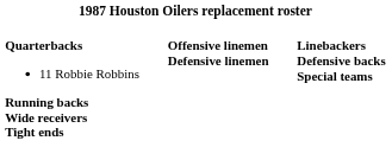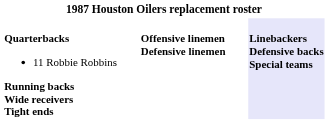 <table class="toccolours" style="text-align:left">
 <tr>
 <th colspan="7" style="text-align:center; "><strong>1987 Houston Oilers replacement roster</strong></th>
 </tr>
 <tr>
 <td style="font-size: 95%;" valign="top"><br><strong>Quarterbacks</strong> <ul><li>11  Robbie Robbins</li></ul> <strong>Running backs</strong>       <br><strong>Wide receivers</strong>         <br><strong>Tight ends</strong>   </td>
 <td style="width: 25px;"></td>
 <td style="font-size: 95%;" valign="top"><br><strong>Offensive linemen</strong>           <br><strong>Defensive linemen</strong>         </td>
 <td style="width: 25px;"></td>
-<td style="font-size: 95%;" valign="top"><br><strong>Linebackers</strong>        <br><strong>Defensive backs</strong>            <br><strong>Special teams</strong>     </td>
+<td style="background: lavender; font-size: 95%;" valign="top"><br><strong>Linebackers</strong>        <br><strong>Defensive backs</strong>            <br><strong>Special teams</strong>     </td>
 </tr>
 </table>
